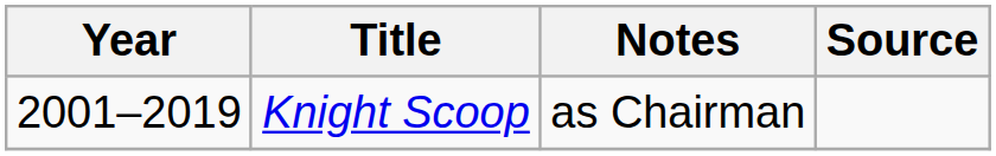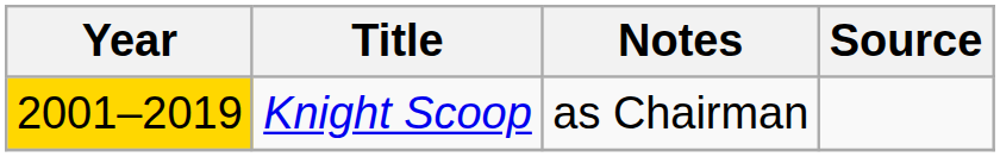 <table class="wikitable sortable">
 <tr>
 <th>Year</th>
 <th>Title</th>
 <th class="unsortable">Notes</th>
 <th class="unsortable">Source</th>
 </tr>
 <tr>
-<td>2001–2019</td>
+<td style="background: gold;">2001–2019</td>
 <td><em><a href='#'>Knight Scoop</a></em></td>
 <td>as Chairman</td>
 <td></td>
 </tr>
 <tr>
 </tr>
 </table>
